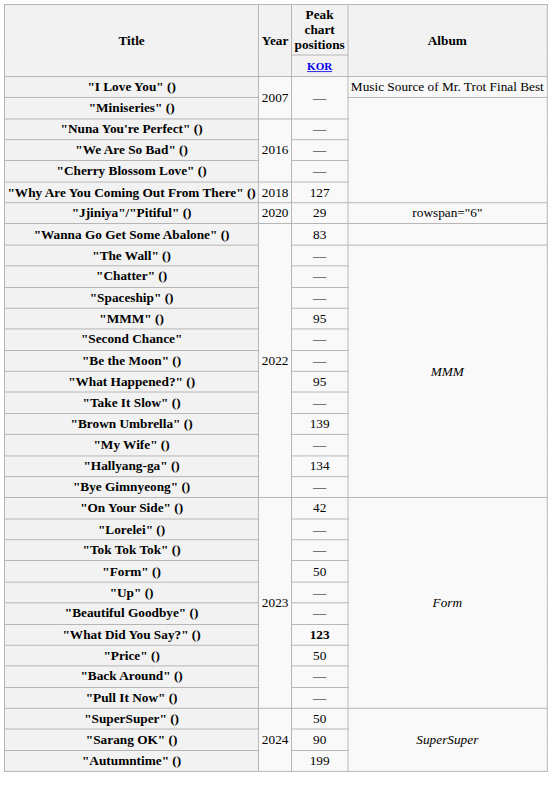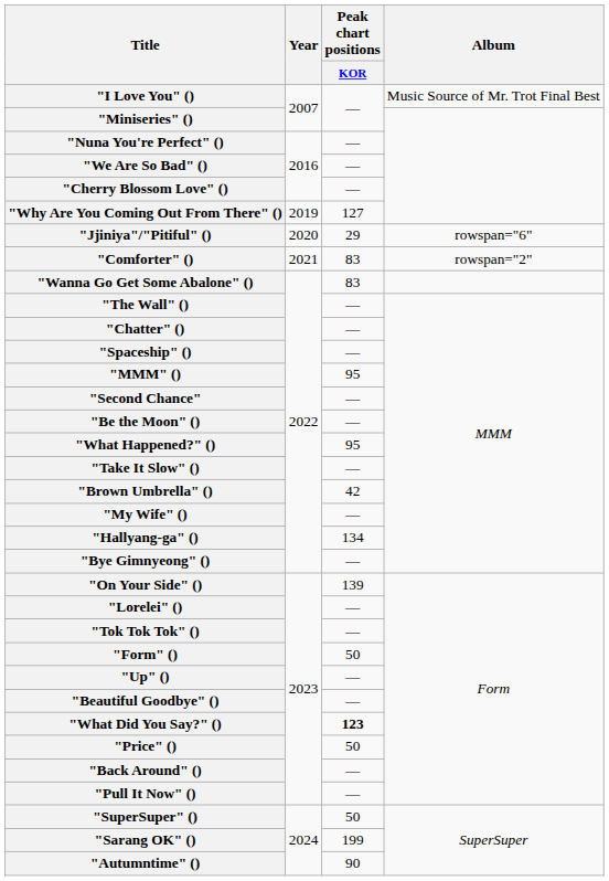 <table class="wikitable plainrowheaders" style="text-align:center;" border="1">
 <tr>
 <th scope="col" rowspan="2">Title</th>
 <th scope="col" rowspan="2">Year</th>
 <th scope="col" colspan="1">Peak chart positions</th>
 <th scope="col" rowspan="2">Album</th>
 </tr>
 <tr>
 <th style="width:2.5em;"><small><a href='#'>KOR</a></small><br></th>
 </tr>
 <tr>
 <th scope="row">"I Love You" ()</th>
 <td rowspan="2">2007</td>
 <td rowspan="2">—</td>
 <td>Music Source of Mr. Trot Final Best</td>
 </tr>
 <tr>
 <th scope="row">"Miniseries" ()</th>
 </tr>
 <tr>
 <th scope="row">"Nuna You're Perfect" ()</th>
 <td rowspan="3">2016</td>
 <td>—</td>
 </tr>
 <tr>
 <th scope="row">"We Are So Bad" ()</th>
 <td>—</td>
 </tr>
 <tr>
 <th scope="row">"Cherry Blossom Love" ()</th>
 <td>—</td>
 </tr>
 <tr>
 <th scope="row">"Why Are You Coming Out From There" ()</th>
-<td>2018</td>
+<td>2019</td>
 <td>127</td>
 </tr>
 <tr>
 <th scope="row">"Jjiniya"/"Pitiful" ()</th>
 <td>2020</td>
 <td>29</td>
 <td>rowspan="6" </td>
+</tr>
+<tr>
+<th scope="row">"Comforter" ()</th>
+<td>2021</td>
+<td>83</td>
+<td>rowspan="2" </td>
 </tr>
 <tr>
 <th scope="row">"Wanna Go Get Some Abalone" ()</th>
 <td rowspan="13">2022</td>
 <td>83</td>
 </tr>
 <tr>
 <th scope="row">"The Wall" ()</th>
 <td>—</td>
 <td rowspan="12"><em>MMM</em></td>
 </tr>
 <tr>
 <th scope="row">"Chatter" ()</th>
 <td>—</td>
 </tr>
 <tr>
 <th scope="row">"Spaceship" ()</th>
 <td>—</td>
 </tr>
 <tr>
 <th scope="row">"MMM" ()</th>
 <td>95</td>
 </tr>
 <tr>
 <th scope="row">"Second Chance"</th>
 <td>—</td>
 </tr>
 <tr>
 <th scope="row">"Be the Moon" ()</th>
 <td>—</td>
 </tr>
 <tr>
 <th scope="row">"What Happened?" ()</th>
 <td>95</td>
 </tr>
 <tr>
 <th scope="row">"Take It Slow" ()</th>
 <td>—</td>
 </tr>
 <tr>
 <th scope="row">"Brown Umbrella" ()</th>
-<td>139</td>
+<td>42</td>
 </tr>
 <tr>
 <th scope="row">"My Wife" ()</th>
 <td>—</td>
 </tr>
 <tr>
 <th scope="row">"Hallyang-ga" ()</th>
 <td>134</td>
 </tr>
 <tr>
 <th scope="row">"Bye Gimnyeong" ()</th>
 <td>—</td>
 </tr>
 <tr>
 <th scope="row">"On Your Side" ()</th>
 <td rowspan="10">2023</td>
-<td>42</td>
+<td>139</td>
 <td rowspan="10"><em>Form</em></td>
 </tr>
 <tr>
 <th scope="row">"Lorelei" ()</th>
 <td>—</td>
 </tr>
 <tr>
 <th scope="row">"Tok Tok Tok" ()</th>
 <td>—</td>
 </tr>
 <tr>
 <th scope="row">"Form" ()</th>
 <td>50</td>
 </tr>
 <tr>
 <th scope="row">"Up" ()</th>
 <td>—</td>
 </tr>
 <tr>
 <th scope="row">"Beautiful Goodbye" ()</th>
 <td>—</td>
 </tr>
 <tr>
 <th scope="row">"What Did You Say?" ()</th>
 <td><strong>123</strong></td>
 </tr>
 <tr>
 <th scope="row">"Price" ()</th>
 <td>50</td>
 </tr>
 <tr>
 <th scope="row">"Back Around" ()</th>
 <td>—</td>
 </tr>
 <tr>
 <th scope="row">"Pull It Now" ()</th>
 <td>—</td>
 </tr>
 <tr>
 <th scope="row">"SuperSuper" ()</th>
 <td rowspan="3">2024</td>
 <td>50</td>
 <td rowspan="3"><em>SuperSuper</em></td>
 </tr>
 <tr>
 <th scope="row">"Sarang OK" ()</th>
-<td>90</td>
+<td>199</td>
 </tr>
 <tr>
 <th scope="row">"Autumntime" ()</th>
-<td>199</td>
+<td>90</td>
 </tr>
 </table>
